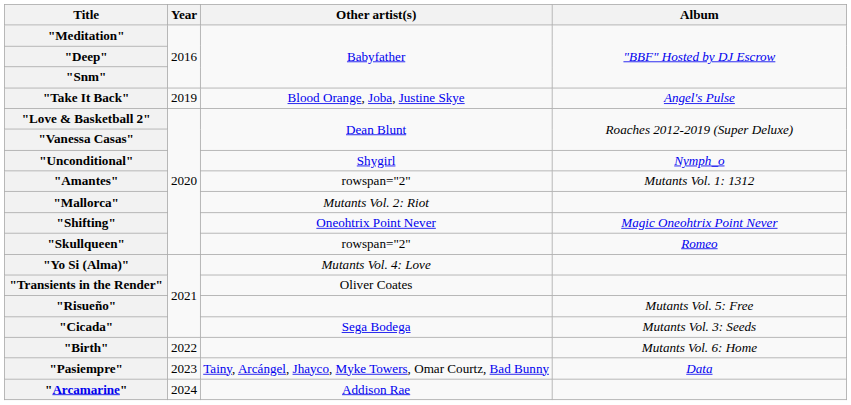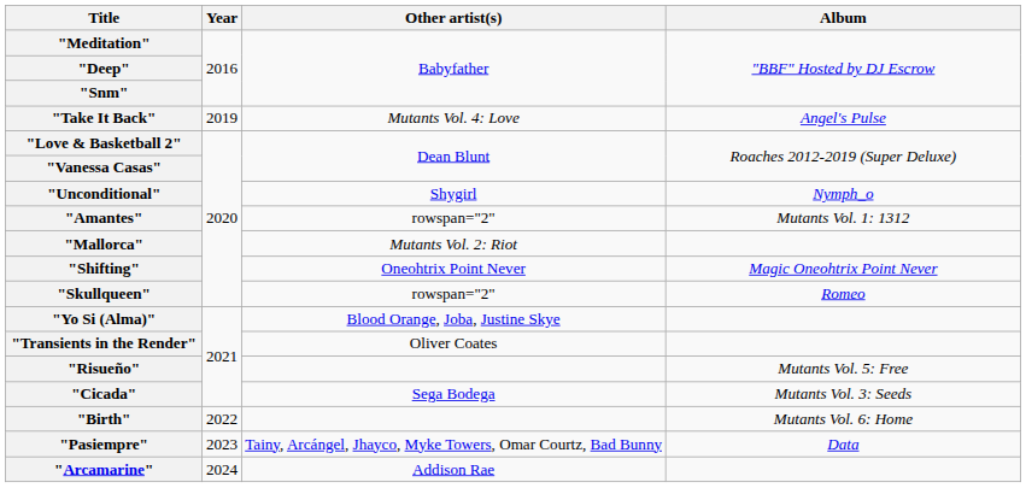 <table class="wikitable plainrowheaders" style="text-align:center;">
 <tr>
 <th scope="col" style="width:12em;">Title</th>
 <th scope="col">Year</th>
 <th scope="col">Other artist(s)</th>
 <th scope="col" style="width:22em;">Album</th>
 </tr>
 <tr>
 <th scope="row">"Meditation"</th>
 <td rowspan="3">2016</td>
 <td rowspan="3"><a href='#'>Babyfather</a></td>
 <td rowspan="3"><em><a href='#'>"BBF" Hosted by DJ Escrow</a></em></td>
 </tr>
 <tr>
 <th scope="row">"Deep"</th>
 </tr>
 <tr>
 <th scope="row">"Snm"</th>
 </tr>
 <tr>
 <th scope="row">"Take It Back"</th>
 <td>2019</td>
-<td><a href='#'>Blood Orange</a>, <a href='#'>Joba</a>, <a href='#'>Justine Skye</a></td>
+<td><em>Mutants Vol. 4: Love</em></td>
 <td><em><a href='#'>Angel's Pulse</a></em></td>
 </tr>
 <tr>
 <th scope="row">"Love & Basketball 2"</th>
 <td rowspan="7">2020</td>
 <td rowspan="2"><a href='#'>Dean Blunt</a></td>
 <td rowspan="2"><em>Roaches 2012-2019 (Super Deluxe)</em></td>
 </tr>
 <tr>
 <th scope="row">"Vanessa Casas"</th>
 </tr>
 <tr>
 <th scope="row">"Unconditional"</th>
 <td><a href='#'>Shygirl</a></td>
 <td><em><a href='#'>Nymph_o</a></em></td>
 </tr>
 <tr>
 <th scope="row">"Amantes"</th>
 <td>rowspan="2" </td>
 <td><em>Mutants Vol. 1: 1312</em></td>
 </tr>
 <tr>
 <th scope="row">"Mallorca"</th>
 <td><em>Mutants Vol. 2: Riot</em></td>
 </tr>
 <tr>
 <th scope="row">"Shifting"</th>
 <td><a href='#'>Oneohtrix Point Never</a></td>
 <td><em><a href='#'>Magic Oneohtrix Point Never</a></em></td>
 </tr>
 <tr>
 <th scope="row">"Skullqueen"</th>
 <td>rowspan="2" </td>
 <td><em><a href='#'>Romeo</a></em></td>
 </tr>
 <tr>
 <th scope="row">"Yo Si (Alma)"</th>
 <td rowspan="4">2021</td>
-<td><em>Mutants Vol. 4: Love</em></td>
+<td><a href='#'>Blood Orange</a>, <a href='#'>Joba</a>, <a href='#'>Justine Skye</a></td>
 </tr>
 <tr>
 <th scope="row">"Transients in the Render"</th>
 <td>Oliver Coates</td>
 <td></td>
 </tr>
 <tr>
 <th scope="row">"Risueño"</th>
 <td></td>
 <td><em>Mutants Vol. 5: Free</em></td>
 </tr>
 <tr>
 <th scope="row">"Cicada"</th>
 <td><a href='#'>Sega Bodega</a></td>
 <td><em>Mutants Vol. 3: Seeds</em></td>
 </tr>
 <tr>
 <th scope="row">"Birth"</th>
 <td>2022</td>
 <td></td>
 <td><em>Mutants Vol. 6: Home</em></td>
 </tr>
 <tr>
 <th scope="row">"Pasiempre"</th>
 <td>2023</td>
 <td><a href='#'>Tainy</a>, <a href='#'>Arcángel</a>, <a href='#'>Jhayco</a>, <a href='#'>Myke Towers</a>, Omar Courtz, <a href='#'>Bad Bunny</a></td>
 <td><em><a href='#'>Data</a></em></td>
 </tr>
 <tr>
 <th scope="row">"<a href='#'>Arcamarine</a>"</th>
 <td>2024</td>
 <td><a href='#'>Addison Rae</a></td>
 <td></td>
 </tr>
 </table>
